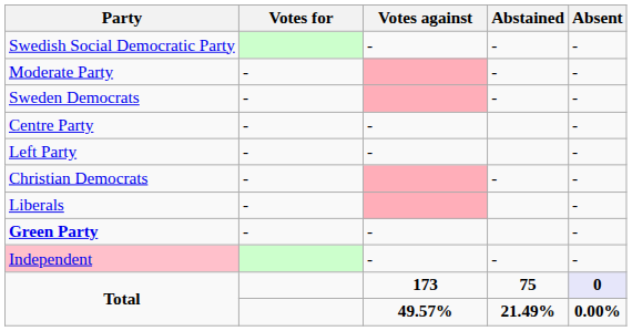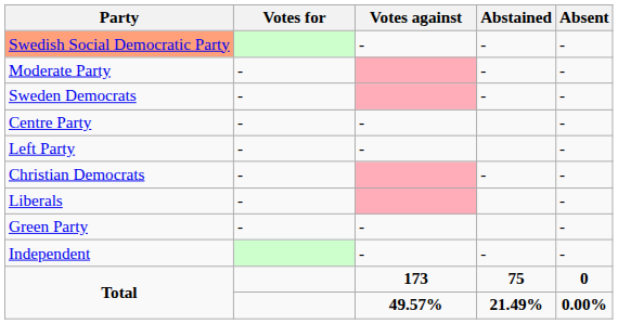 <table class="wikitable">
 <tr>
 <th>Party</th>
 <th style="width:20%;">Votes for</th>
 <th style="width:20%;">Votes against</th>
 <th>Abstained</th>
 <th>Absent</th>
 </tr>
 <tr>
-<td> <a href='#'>Swedish Social Democratic Party</a></td>
+<td style="background: lightsalmon;"> <a href='#'>Swedish Social Democratic Party</a></td>
 <td style="background-color:#CCFFCC;"></td>
 <td>-</td>
 <td>-</td>
 <td>-</td>
 </tr>
 <tr>
 <td> <a href='#'>Moderate Party</a></td>
 <td>-</td>
 <td style="background-color:#FFAEB9;"></td>
 <td>-</td>
 <td>-</td>
 </tr>
 <tr>
 <td> <a href='#'>Sweden Democrats</a></td>
 <td>-</td>
 <td style="background-color:#FFAEB9;"></td>
 <td>-</td>
 <td>-</td>
 </tr>
 <tr>
 <td> <a href='#'>Centre Party</a></td>
 <td>-</td>
 <td>-</td>
 <td></td>
 <td>-</td>
 </tr>
 <tr>
 <td> <a href='#'>Left Party</a></td>
 <td>-</td>
 <td>-</td>
 <td></td>
 <td>-</td>
 </tr>
 <tr>
 <td> <a href='#'>Christian Democrats</a></td>
 <td>-</td>
 <td style="background-color:#FFAEB9;"></td>
 <td>-</td>
 <td>-</td>
 </tr>
 <tr>
 <td> <a href='#'>Liberals</a></td>
 <td>-</td>
 <td style="background-color:#FFAEB9;"></td>
 <td></td>
 <td>-</td>
 </tr>
 <tr>
-<td><strong> <a href='#'>Green Party</a></strong></td>
+<td> <a href='#'>Green Party</a></td>
 <td>-</td>
 <td>-</td>
 <td></td>
 <td>-</td>
 </tr>
 <tr>
-<td style="background: pink;"> <a href='#'>Independent</a></td>
+<td> <a href='#'>Independent</a></td>
 <td style="background-color:#CCFFCC;"></td>
 <td>-</td>
 <td>-</td>
 <td>-</td>
 </tr>
 <tr>
 <td rowspan="2" style="text-align:center;"><strong>Total</strong></td>
 <td></td>
 <td style="text-align:center;"><strong>173</strong></td>
 <td style="text-align:center;"><strong>75</strong></td>
-<td style="background: lavender; text-align:center;"><strong>0</strong></td>
+<td style="text-align:center;"><strong>0</strong></td>
 </tr>
 <tr>
 <td></td>
 <td style="text-align:center;"><strong>49.57%</strong></td>
 <td style="text-align:center;"><strong>21.49%</strong></td>
 <td style="text-align:center;"><strong>0.00%</strong></td>
 </tr>
 </table>
